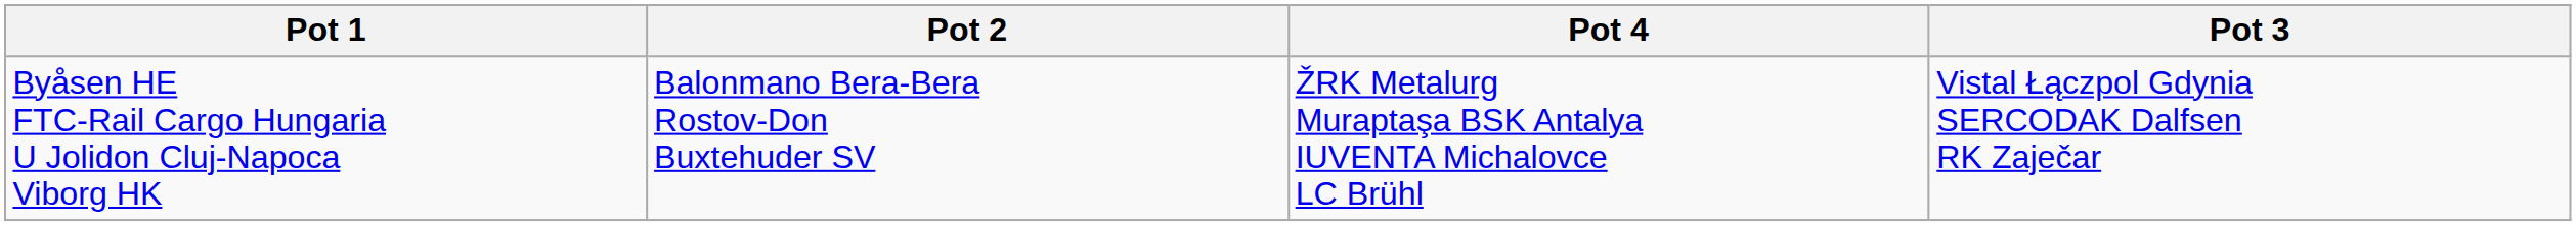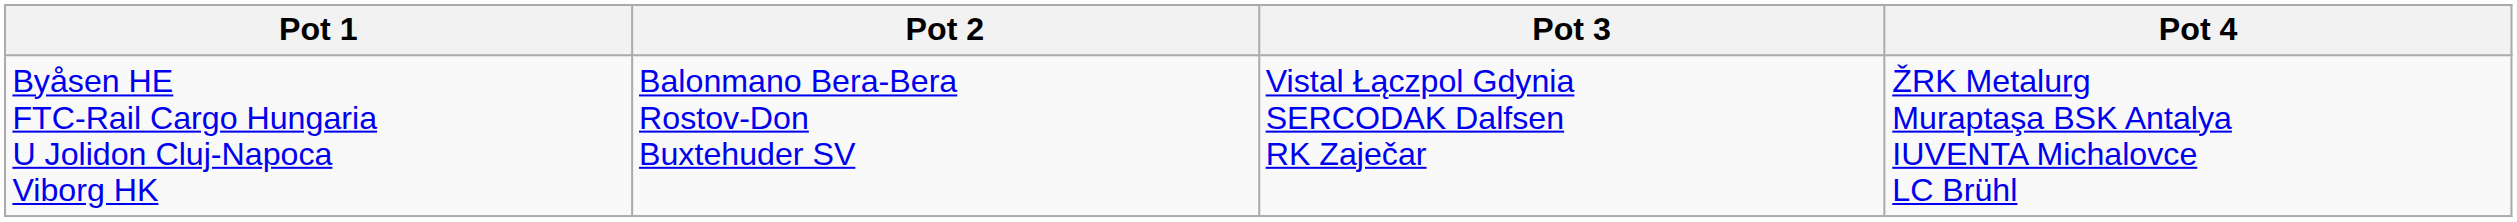 <table class="wikitable">
 <tr>
 <th width=15%>Pot 1</th>
 <th width=15%>Pot 2</th>
+<th width=15%>Pot 3</th>
 <th width=15%>Pot 4</th>
-<th width=15%>Pot 3</th>
 </tr>
 <tr>
 <td valign="top"> <a href='#'>Byåsen HE</a><br> <a href='#'>FTC-Rail Cargo Hungaria</a><br> <a href='#'>U Jolidon Cluj-Napoca</a><br> <a href='#'>Viborg HK</a></td>
 <td valign="top"> <a href='#'>Balonmano Bera-Bera</a><br> <a href='#'>Rostov-Don</a><br> <a href='#'>Buxtehuder SV</a></td>
+<td valign="top"> <a href='#'>Vistal Łączpol Gdynia</a><br> <a href='#'>SERCODAK Dalfsen</a><br> <a href='#'>RK Zaječar</a></td>
 <td valign="top"> <a href='#'>ŽRK Metalurg</a><br> <a href='#'>Muraptaşa BSK Antalya</a><br> <a href='#'>IUVENTA Michalovce</a><br> <a href='#'>LC Brühl</a></td>
-<td valign="top"> <a href='#'>Vistal Łączpol Gdynia</a><br> <a href='#'>SERCODAK Dalfsen</a><br> <a href='#'>RK Zaječar</a></td>
 </tr>
 </table>
